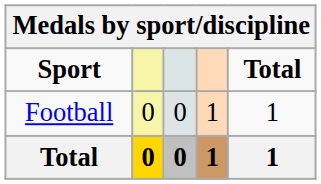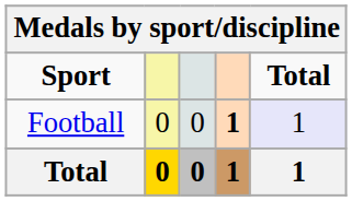 <table class="wikitable" style="font-size:85%; float:right;">
 <tr style="background:#efefef;">
 <th colspan=7>Medals by sport/discipline</th>
 </tr>
 <tr align=center>
 <td><strong>Sport</strong></td>
 <td style="background:#f7f6a8;"></td>
 <td style="background:#dce5e5;"></td>
 <td style="background:#ffdab9;"></td>
 <td><strong>Total</strong></td>
 </tr>
 <tr align=center>
 <td><a href='#'>Football</a></td>
 <td style="background:#f7f6a8;">0</td>
 <td style="background:#dce5e5;">0</td>
-<td style="background:#ffdab9;">1</td>
-<td>1</td>
+<td style="background:#ffdab9;"><strong>1</strong></td>
+<td style="background: lavender;">1</td>
 </tr>
 <tr align=center>
 <th>Total</th>
 <th style="background:gold;">0</th>
 <th style="background:silver;">0</th>
 <th style="background:#c96;">1</th>
 <th>1</th>
 </tr>
 </table>
